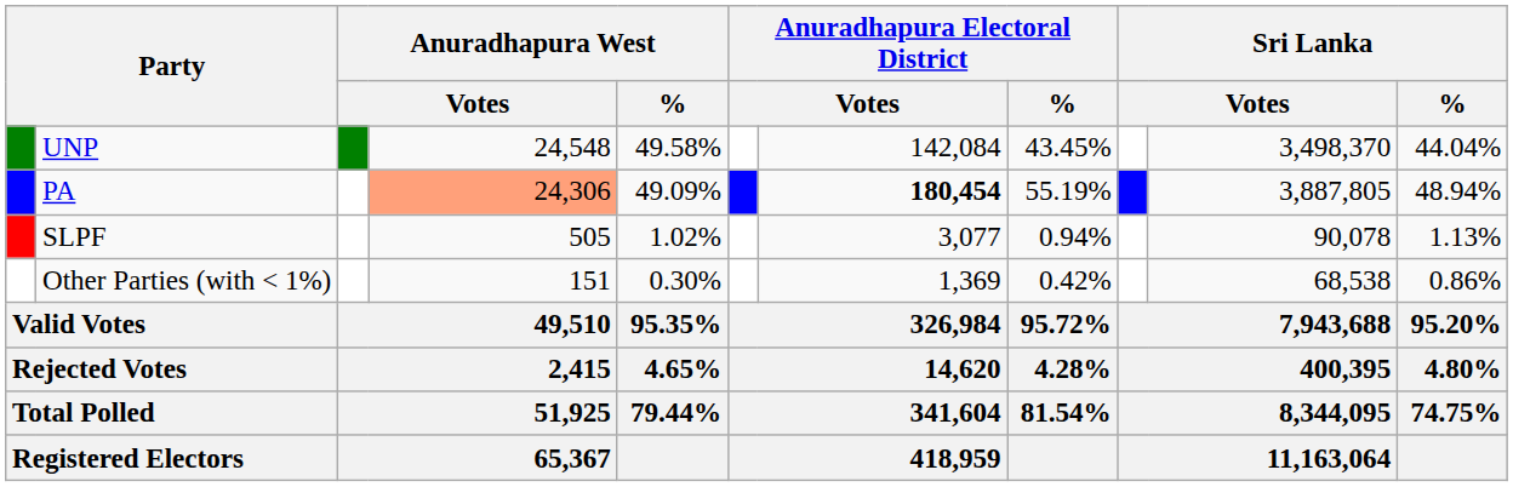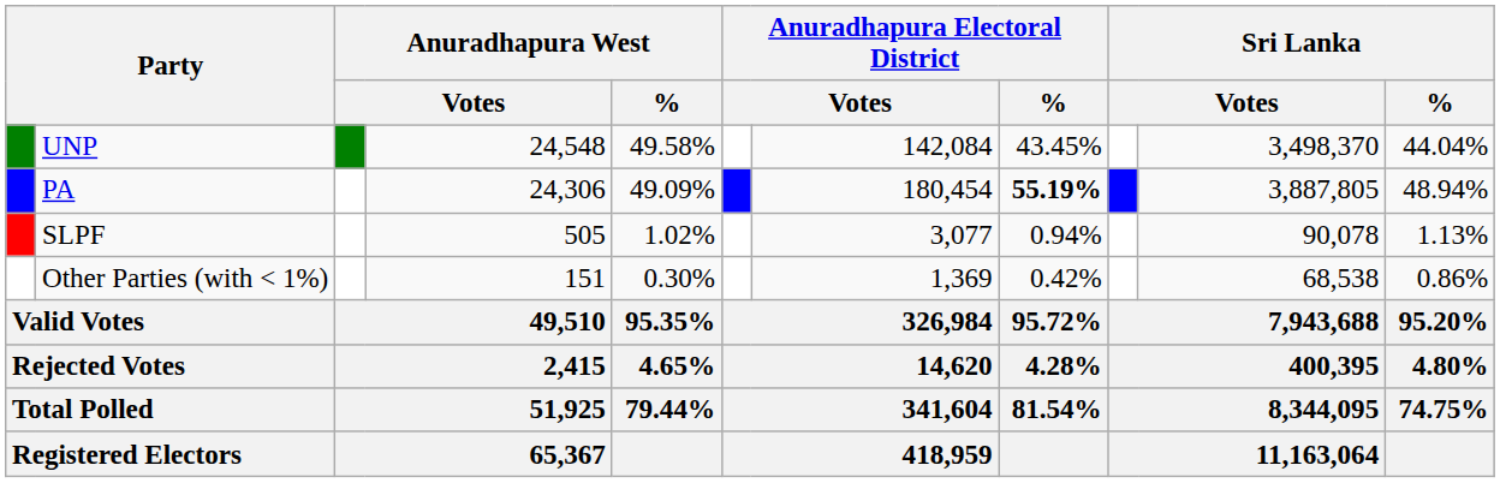 <table class="wikitable">
 <tr>
 <th colspan="2" width="144px"rowspan="2">Party</th>
 <th colspan="3" width="216px">Anuradhapura West</th>
 <th colspan="3" width="216px"><a href='#'>Anuradhapura Electoral District</a></th>
 <th colspan="3" width="216px">Sri Lanka</th>
 </tr>
 <tr>
 <th colspan="2" width="144px">Votes</th>
 <th>%</th>
 <th colspan="2" width="144px">Votes</th>
 <th>%</th>
 <th colspan="2" width="144px">Votes</th>
 <th>%</th>
 </tr>
 <tr>
 <td style="background-color:green;" width="10px"></td>
 <td style="text-align:left;"><a href='#'>UNP</a></td>
 <td style="background-color:green;" width="10px"></td>
 <td style="text-align:right;">24,548</td>
 <td style="text-align:right;">49.58%</td>
 <td style="background-color:white;" width="10px"></td>
 <td style="text-align:right;">142,084</td>
 <td style="text-align:right;">43.45%</td>
 <td style="background-color:white;" width="10px"></td>
 <td style="text-align:right;">3,498,370</td>
 <td style="text-align:right;">44.04%</td>
 </tr>
 <tr>
 <td style="background-color:blue;" width="10px"></td>
 <td style="text-align:left;"><a href='#'>PA</a></td>
 <td style="background-color:white;" width="10px"></td>
-<td style="background: lightsalmon; text-align:right;">24,306</td>
+<td style="text-align:right;">24,306</td>
 <td style="text-align:right;">49.09%</td>
 <td style="background-color:blue;" width="10px"></td>
-<td style="text-align:right;"><strong>180,454</strong></td>
-<td style="text-align:right;">55.19%</td>
+<td style="text-align:right;">180,454</td>
+<td style="text-align:right;"><strong>55.19%</strong></td>
 <td style="background-color:blue;" width="10px"></td>
 <td style="text-align:right;">3,887,805</td>
 <td style="text-align:right;">48.94%</td>
 </tr>
 <tr>
 <td style="background-color:red;" width="10px"></td>
 <td style="text-align:left;">SLPF</td>
 <td style="background-color:white;" width="10px"></td>
 <td style="text-align:right;">505</td>
 <td style="text-align:right;">1.02%</td>
 <td style="background-color:white;" width="10px"></td>
 <td style="text-align:right;">3,077</td>
 <td style="text-align:right;">0.94%</td>
 <td style="background-color:white;" width="10px"></td>
 <td style="text-align:right;">90,078</td>
 <td style="text-align:right;">1.13%</td>
 </tr>
 <tr>
 <td style="background-color:white;" width="10px"></td>
 <td style="text-align:left;">Other Parties (with < 1%)</td>
 <td style="background-color:white;" width="10px"></td>
 <td style="text-align:right;">151</td>
 <td style="text-align:right;">0.30%</td>
 <td style="background-color:white;" width="10px"></td>
 <td style="text-align:right;">1,369</td>
 <td style="text-align:right;">0.42%</td>
 <td style="background-color:white;" width="10px"></td>
 <td style="text-align:right;">68,538</td>
 <td style="text-align:right;">0.86%</td>
 </tr>
 <tr>
 <th colspan="2" width="144px"style="text-align:left;">Valid Votes</th>
 <th style="text-align:right;"colspan="2" width="144px">49,510</th>
 <th style="text-align:right;">95.35%</th>
 <th style="text-align:right;"colspan="2" width="144px">326,984</th>
 <th style="text-align:right;">95.72%</th>
 <th style="text-align:right;"colspan="2" width="144px">7,943,688</th>
 <th style="text-align:right;">95.20%</th>
 </tr>
 <tr>
 <th colspan="2" width="144px"style="text-align:left;">Rejected Votes</th>
 <th style="text-align:right;"colspan="2" width="144px">2,415</th>
 <th style="text-align:right;">4.65%</th>
 <th style="text-align:right;"colspan="2" width="144px">14,620</th>
 <th style="text-align:right;">4.28%</th>
 <th style="text-align:right;"colspan="2" width="144px">400,395</th>
 <th style="text-align:right;">4.80%</th>
 </tr>
 <tr>
 <th colspan="2" width="144px"style="text-align:left;">Total Polled</th>
 <th style="text-align:right;"colspan="2" width="144px">51,925</th>
 <th style="text-align:right;">79.44%</th>
 <th style="text-align:right;"colspan="2" width="144px">341,604</th>
 <th style="text-align:right;">81.54%</th>
 <th style="text-align:right;"colspan="2" width="144px">8,344,095</th>
 <th style="text-align:right;">74.75%</th>
 </tr>
 <tr>
 <th colspan="2" width="144px"style="text-align:left;">Registered Electors</th>
 <th style="text-align:right;"colspan="2" width="144px">65,367</th>
 <th></th>
 <th style="text-align:right;"colspan="2" width="144px">418,959</th>
 <th></th>
 <th style="text-align:right;"colspan="2" width="144px">11,163,064</th>
 <th></th>
 </tr>
 </table>
